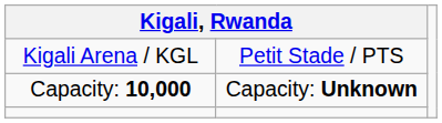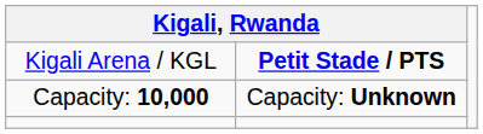 <table class="wikitable" style="text-align:center">
 <tr>
 <th colspan=2> <a href='#'>Kigali</a>, <a href='#'>Rwanda</a></th>
 <td rowspan=4></td>
 </tr>
 <tr>
 <td width=150px><a href='#'>Kigali Arena</a> / KGL</td>
-<td width=150px><a href='#'>Petit Stade</a> / PTS</td>
+<td width=150px><strong><a href='#'>Petit Stade</a> / PTS</strong></td>
 </tr>
 <tr>
 <td>Capacity: <strong>10,000</strong></td>
 <td>Capacity: <strong>Unknown</strong></td>
 </tr>
 <tr>
 <td></td>
 <td></td>
 </tr>
 </table>
